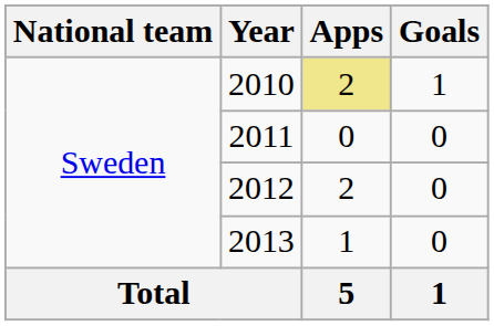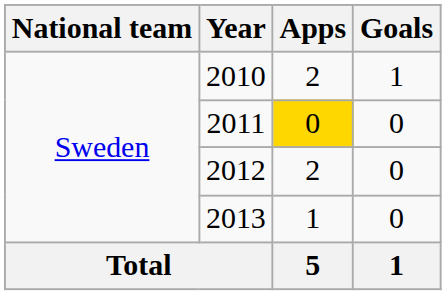 <table class="wikitable" style="text-align:center">
 <tr>
 <th>National team</th>
 <th>Year</th>
 <th>Apps</th>
 <th>Goals</th>
 </tr>
 <tr>
 <td rowspan="4"><a href='#'>Sweden</a></td>
 <td>2010</td>
-<td style="background: khaki;">2</td>
+<td>2</td>
 <td>1</td>
 </tr>
 <tr>
 <td>2011</td>
-<td>0</td>
+<td style="background: gold;">0</td>
 <td>0</td>
 </tr>
 <tr>
 <td>2012</td>
 <td>2</td>
 <td>0</td>
 </tr>
 <tr>
 <td>2013</td>
 <td>1</td>
 <td>0</td>
 </tr>
 <tr>
 <th colspan="2">Total</th>
 <th>5</th>
 <th>1</th>
 </tr>
 </table>
